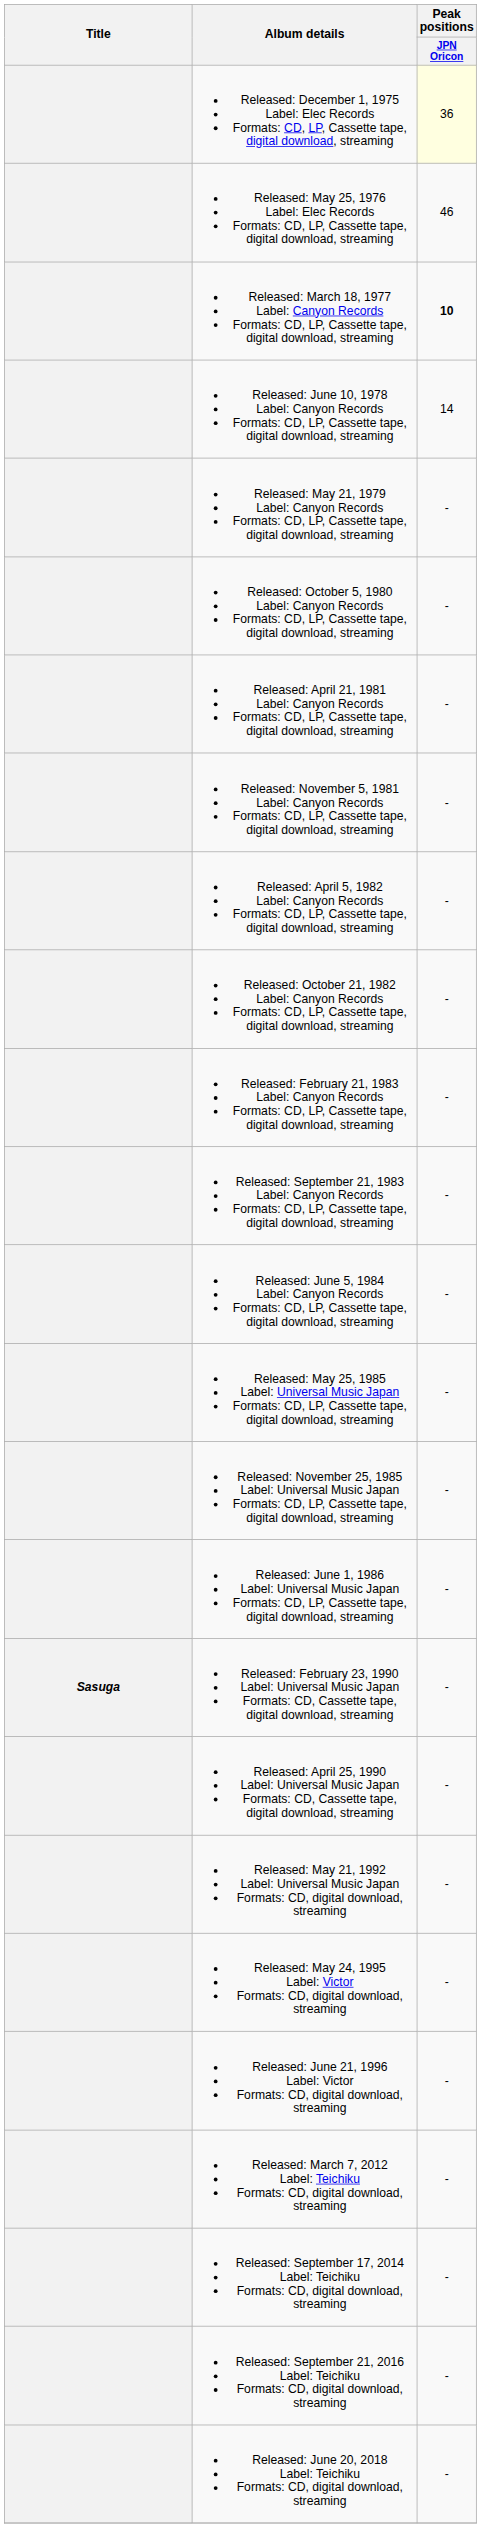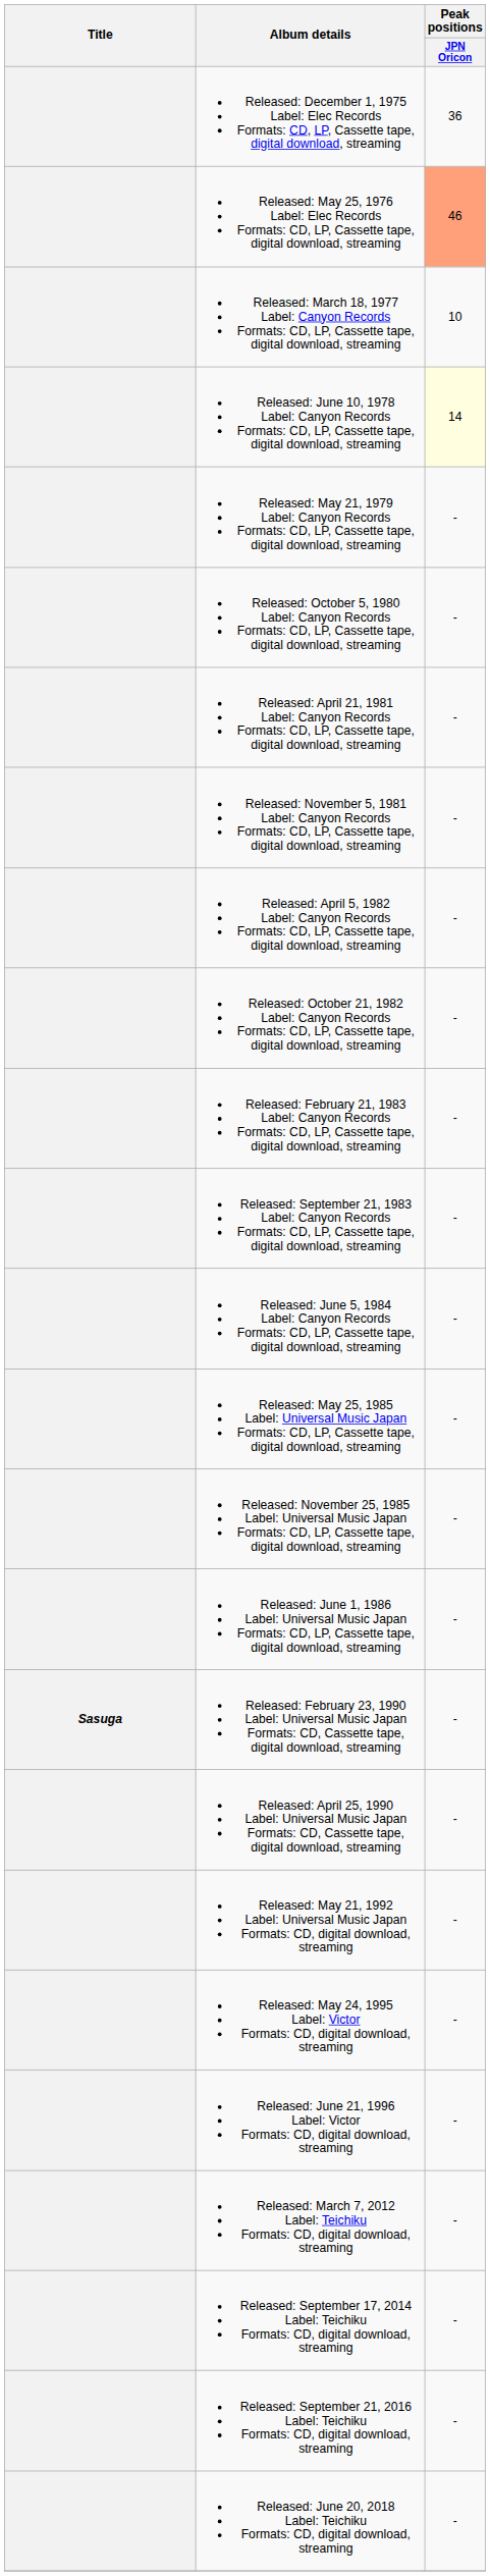 <table class="wikitable plainrowheaders" style="text-align:center;">
 <tr>
 <th style="width:15em;" rowspan="2">Title</th>
 <th style="width:18em;" rowspan="2">Album details</th>
 <th colspan="1">Peak positions</th>
 </tr>
 <tr>
 <th style="width:3em;font-size:85%"><a href='#'>JPN<br>Oricon</a><br></th>
 </tr>
 <tr>
 <th scope="row"></th>
 <td><br><ul><li>Released: December 1, 1975</li><li>Label: Elec Records</li><li>Formats: <a href='#'>CD</a>, <a href='#'>LP</a>, Cassette tape, <a href='#'>digital download</a>, streaming</li></ul></td>
-<td style="background: lightyellow;">36</td>
+<td>36</td>
 </tr>
 <tr>
 <th scope="row"></th>
 <td><br><ul><li>Released: May 25, 1976</li><li>Label: Elec Records</li><li>Formats: CD, LP, Cassette tape, digital download, streaming</li></ul></td>
-<td>46</td>
+<td style="background: lightsalmon;">46</td>
 </tr>
 <tr>
 <th scope="row"></th>
 <td><br><ul><li>Released: March 18, 1977</li><li>Label: <a href='#'>Canyon Records</a></li><li>Formats: CD, LP, Cassette tape, digital download, streaming</li></ul></td>
-<td><strong>10</strong></td>
+<td>10</td>
 </tr>
 <tr>
 <th scope="row"></th>
 <td><br><ul><li>Released: June 10, 1978</li><li>Label: Canyon Records</li><li>Formats: CD, LP, Cassette tape, digital download, streaming</li></ul></td>
-<td>14</td>
+<td style="background: lightyellow;">14</td>
 </tr>
 <tr>
 <th scope="row"></th>
 <td><br><ul><li>Released: May 21, 1979</li><li>Label: Canyon Records</li><li>Formats: CD, LP, Cassette tape, digital download, streaming</li></ul></td>
 <td>-</td>
 </tr>
 <tr>
 <th scope="row"></th>
 <td><br><ul><li>Released: October 5, 1980</li><li>Label: Canyon Records</li><li>Formats: CD, LP, Cassette tape, digital download, streaming</li></ul></td>
 <td>-</td>
 </tr>
 <tr>
 <th scope="row"></th>
 <td><br><ul><li>Released: April 21, 1981</li><li>Label: Canyon Records</li><li>Formats: CD, LP, Cassette tape, digital download, streaming</li></ul></td>
 <td>-</td>
 </tr>
 <tr>
 <th scope="row"></th>
 <td><br><ul><li>Released: November 5, 1981</li><li>Label: Canyon Records</li><li>Formats: CD, LP, Cassette tape, digital download, streaming</li></ul></td>
 <td>-</td>
 </tr>
 <tr>
 <th scope="row"></th>
 <td><br><ul><li>Released: April 5, 1982</li><li>Label: Canyon Records</li><li>Formats: CD, LP, Cassette tape, digital download, streaming</li></ul></td>
 <td>-</td>
 </tr>
 <tr>
 <th scope="row"></th>
 <td><br><ul><li>Released: October 21, 1982</li><li>Label: Canyon Records</li><li>Formats: CD, LP, Cassette tape, digital download, streaming</li></ul></td>
 <td>-</td>
 </tr>
 <tr>
 <th scope="row"></th>
 <td><br><ul><li>Released: February 21, 1983</li><li>Label: Canyon Records</li><li>Formats: CD, LP, Cassette tape, digital download, streaming</li></ul></td>
 <td>-</td>
 </tr>
 <tr>
 <th scope="row"></th>
 <td><br><ul><li>Released: September 21, 1983</li><li>Label: Canyon Records</li><li>Formats: CD, LP, Cassette tape, digital download, streaming</li></ul></td>
 <td>-</td>
 </tr>
 <tr>
 <th scope="row"></th>
 <td><br><ul><li>Released: June 5, 1984</li><li>Label: Canyon Records</li><li>Formats: CD, LP, Cassette tape, digital download, streaming</li></ul></td>
 <td>-</td>
 </tr>
 <tr>
 <th scope="row"></th>
 <td><br><ul><li>Released: May 25, 1985</li><li>Label: <a href='#'>Universal Music Japan</a></li><li>Formats: CD, LP, Cassette tape, digital download, streaming</li></ul></td>
 <td>-</td>
 </tr>
 <tr>
 <th scope="row"></th>
 <td><br><ul><li>Released: November 25, 1985</li><li>Label: Universal Music Japan</li><li>Formats: CD, LP, Cassette tape, digital download, streaming</li></ul></td>
 <td>-</td>
 </tr>
 <tr>
 <th scope="row"></th>
 <td><br><ul><li>Released: June 1, 1986</li><li>Label: Universal Music Japan</li><li>Formats: CD, LP, Cassette tape, digital download, streaming</li></ul></td>
 <td>-</td>
 </tr>
 <tr>
 <th scope="row"><em>Sasuga</em></th>
 <td><br><ul><li>Released: February 23, 1990</li><li>Label: Universal Music Japan</li><li>Formats: CD, Cassette tape, digital download, streaming</li></ul></td>
 <td>-</td>
 </tr>
 <tr>
 <th scope="row"></th>
 <td><br><ul><li>Released: April 25, 1990</li><li>Label: Universal Music Japan</li><li>Formats: CD, Cassette tape, digital download, streaming</li></ul></td>
 <td>-</td>
 </tr>
 <tr>
 <th scope="row"></th>
 <td><br><ul><li>Released: May 21, 1992</li><li>Label: Universal Music Japan</li><li>Formats: CD, digital download, streaming</li></ul></td>
 <td>-</td>
 </tr>
 <tr>
 <th scope="row"></th>
 <td><br><ul><li>Released: May 24, 1995</li><li>Label: <a href='#'>Victor</a></li><li>Formats: CD, digital download, streaming</li></ul></td>
 <td>-</td>
 </tr>
 <tr>
 <th scope="row"></th>
 <td><br><ul><li>Released: June 21, 1996</li><li>Label: Victor</li><li>Formats: CD, digital download, streaming</li></ul></td>
 <td>-</td>
 </tr>
 <tr>
 <th scope="row"></th>
 <td><br><ul><li>Released: March 7, 2012</li><li>Label: <a href='#'>Teichiku</a></li><li>Formats: CD, digital download, streaming</li></ul></td>
 <td>-</td>
 </tr>
 <tr>
 <th scope="row"></th>
 <td><br><ul><li>Released: September 17, 2014</li><li>Label: Teichiku</li><li>Formats: CD, digital download, streaming</li></ul></td>
 <td>-</td>
 </tr>
 <tr>
 <th scope="row"></th>
 <td><br><ul><li>Released: September 21, 2016</li><li>Label: Teichiku</li><li>Formats: CD, digital download, streaming</li></ul></td>
 <td>-</td>
 </tr>
 <tr>
 <th scope="row"></th>
 <td><br><ul><li>Released: June 20, 2018</li><li>Label: Teichiku</li><li>Formats: CD, digital download, streaming</li></ul></td>
 <td>-</td>
 </tr>
 <tr>
 </tr>
 </table>
